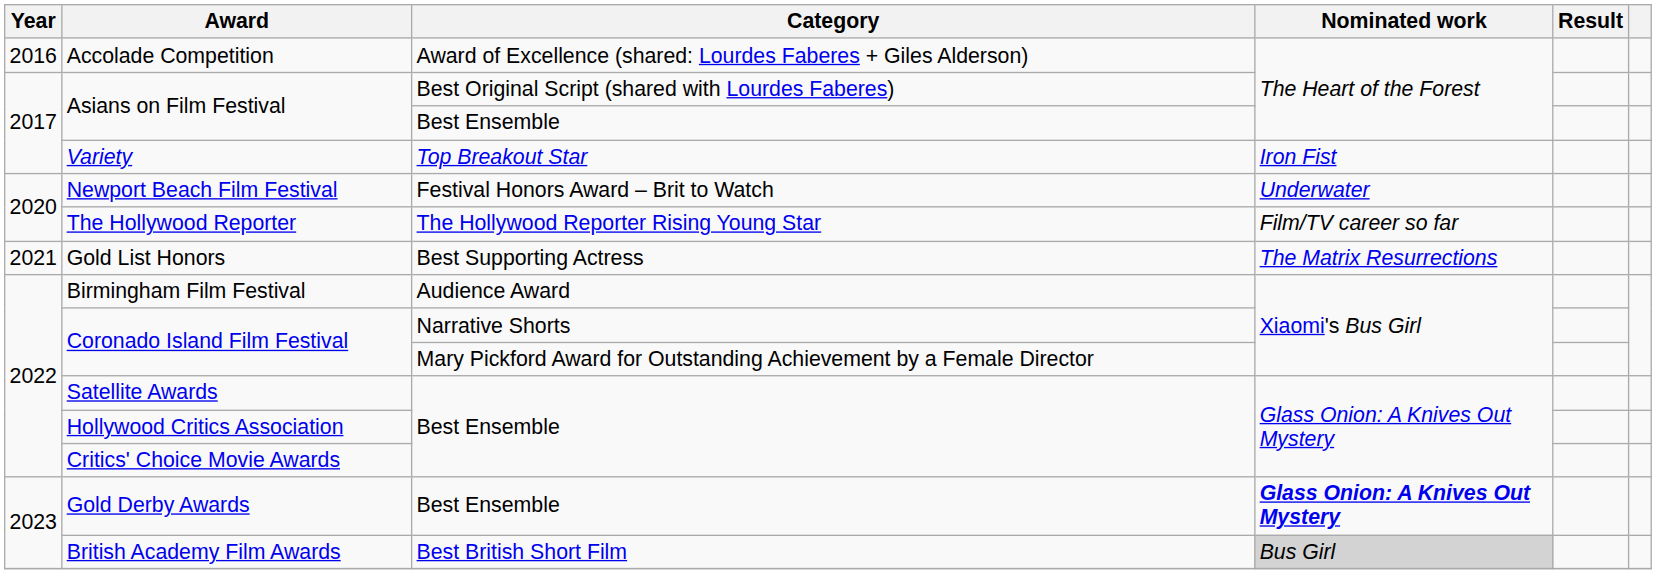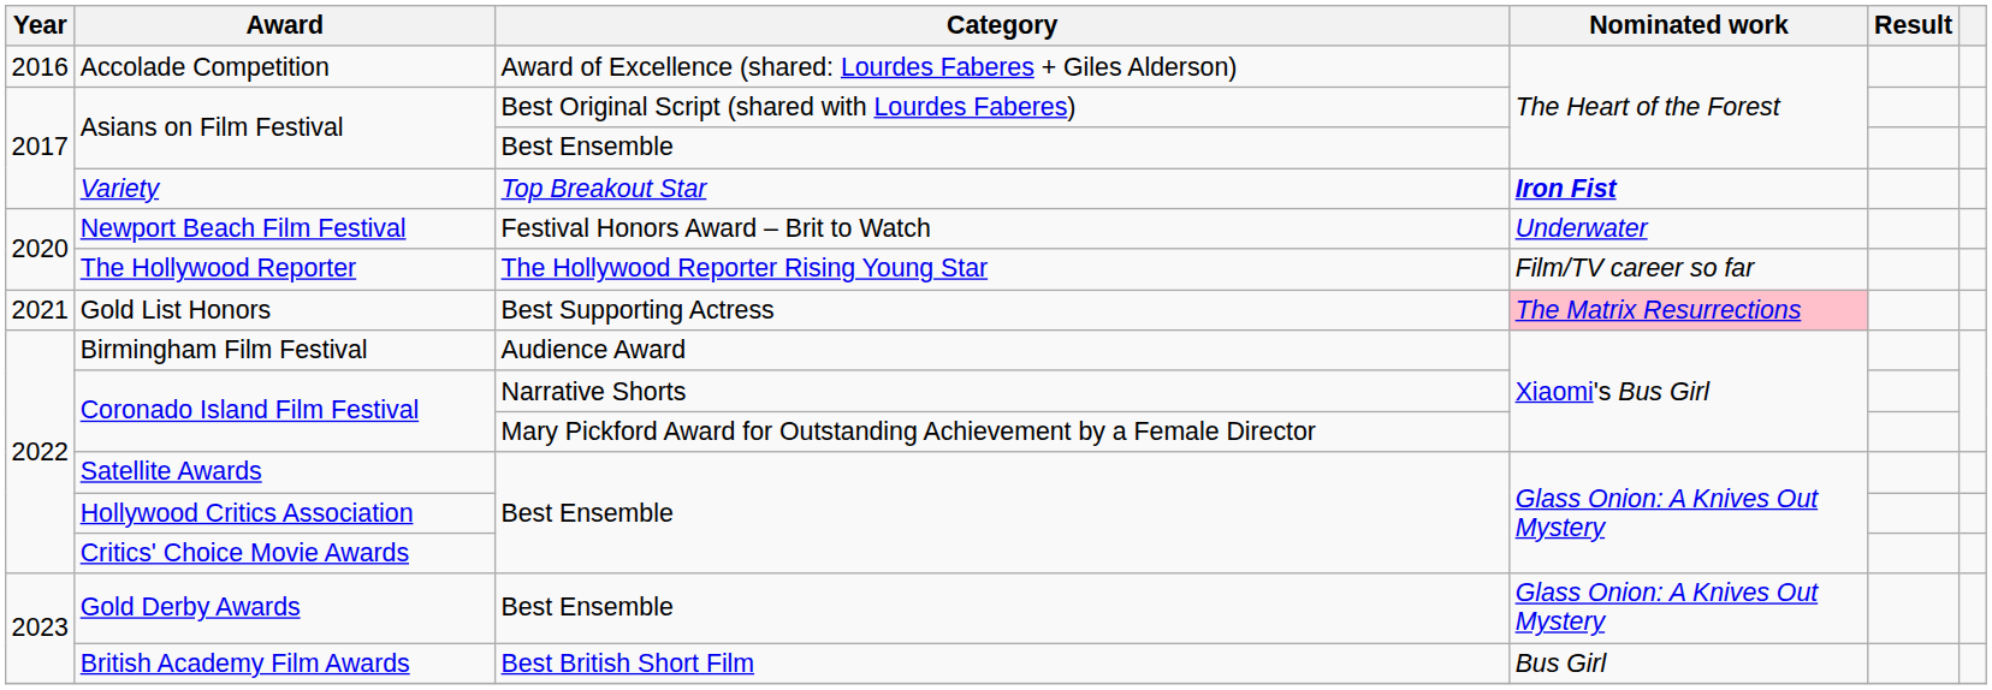 <table width="98%" class="wikitable">
 <tr>
 <th width="10">Year</th>
 <th width="260">Award</th>
 <th width="640">Category</th>
 <th width="220">Nominated work</th>
 <th width="30">Result</th>
 <th width="10"></th>
 </tr>
 <tr>
 <td>2016</td>
 <td>Accolade Competition</td>
 <td>Award of Excellence (shared: <a href='#'>Lourdes Faberes</a> + Giles Alderson)</td>
 <td rowspan="3"><em>The Heart of the Forest</em></td>
 <td></td>
 <td></td>
 </tr>
 <tr>
 <td rowspan="3">2017</td>
 <td rowspan="2">Asians on Film Festival</td>
 <td>Best Original Script (shared with <a href='#'>Lourdes Faberes</a>)</td>
 <td></td>
 <td></td>
 </tr>
 <tr>
 <td>Best Ensemble</td>
 <td></td>
 <td></td>
 </tr>
 <tr>
 <td><em><a href='#'>Variety</a></em></td>
 <td><em><a href='#'>Top Breakout Star</a></em></td>
-<td><em><a href='#'>Iron Fist</a></em></td>
+<td><strong><em><a href='#'>Iron Fist</a></em></strong></td>
 <td></td>
 <td></td>
 </tr>
 <tr>
 <td rowspan="2">2020</td>
 <td><a href='#'>Newport Beach Film Festival</a></td>
 <td>Festival Honors Award – Brit to Watch</td>
 <td><em><a href='#'>Underwater</a></em></td>
 <td></td>
 <td></td>
 </tr>
 <tr>
 <td><a href='#'>The Hollywood Reporter</a></td>
 <td><a href='#'>The Hollywood Reporter Rising Young Star</a></td>
 <td><em>Film/TV career so far</em></td>
 <td></td>
 <td></td>
 </tr>
 <tr>
 <td>2021</td>
 <td>Gold List Honors</td>
 <td>Best Supporting Actress</td>
-<td><em><a href='#'>The Matrix Resurrections</a></em></td>
+<td style="background: pink;"><em><a href='#'>The Matrix Resurrections</a></em></td>
 <td></td>
 <td></td>
 </tr>
 <tr>
 <td rowspan="6">2022</td>
 <td>Birmingham Film Festival</td>
 <td>Audience Award</td>
 <td rowspan="3"><a href='#'>Xiaomi</a>'s <em>Bus Girl</em></td>
 <td></td>
 <td rowspan="3"></td>
 </tr>
 <tr>
 <td rowspan="2"><a href='#'>Coronado Island Film Festival</a></td>
 <td>Narrative Shorts</td>
 <td></td>
 </tr>
 <tr>
 <td>Mary Pickford Award for Outstanding Achievement by a Female Director</td>
 <td></td>
 </tr>
 <tr>
 <td><a href='#'>Satellite Awards</a></td>
 <td rowspan="3">Best Ensemble</td>
 <td rowspan="3"><em><a href='#'>Glass Onion: A Knives Out Mystery</a></em></td>
 <td></td>
 <td></td>
 </tr>
 <tr>
 <td><a href='#'>Hollywood Critics Association</a></td>
 <td></td>
 <td></td>
 </tr>
 <tr>
 <td><a href='#'>Critics' Choice Movie Awards</a></td>
 <td></td>
 <td></td>
 </tr>
 <tr>
 <td rowspan="2">2023</td>
 <td><a href='#'>Gold Derby Awards</a></td>
 <td>Best Ensemble</td>
-<td><strong><em><a href='#'>Glass Onion: A Knives Out Mystery</a></em></strong></td>
+<td><em><a href='#'>Glass Onion: A Knives Out Mystery</a></em></td>
 <td></td>
 <td></td>
 </tr>
 <tr>
 <td><a href='#'>British Academy Film Awards</a></td>
 <td><a href='#'>Best British Short Film</a></td>
-<td style="background: lightgrey;"><em>Bus Girl</em></td>
+<td><em>Bus Girl</em></td>
 <td></td>
 <td></td>
 </tr>
 <tr>
 </tr>
 </table>
